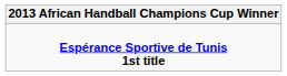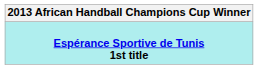 <table class=wikitable style="text-align:center; margin:auto">
 <tr>
 <th>2013 African Handball Champions Cup Winner</th>
 </tr>
 <tr>
-<td><br><strong><a href='#'>Espérance Sportive de Tunis</a></strong><br><strong>1st title</strong></td>
+<td style="background: paleturquoise;"><br><strong><a href='#'>Espérance Sportive de Tunis</a></strong><br><strong>1st title</strong></td>
 </tr>
 </table>
